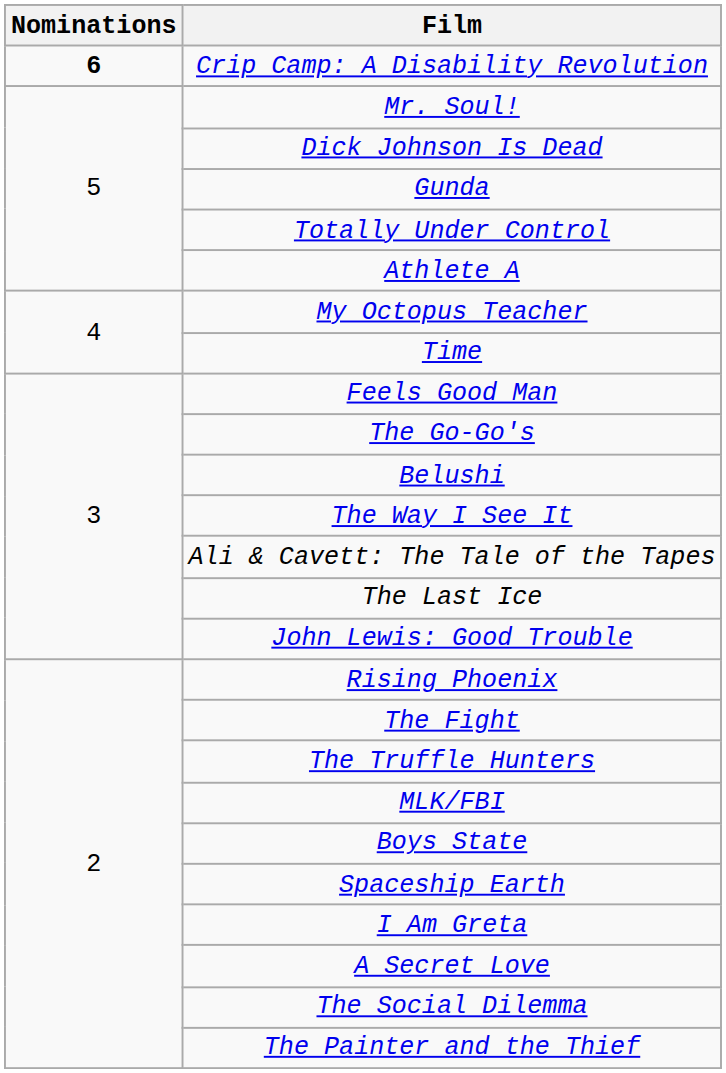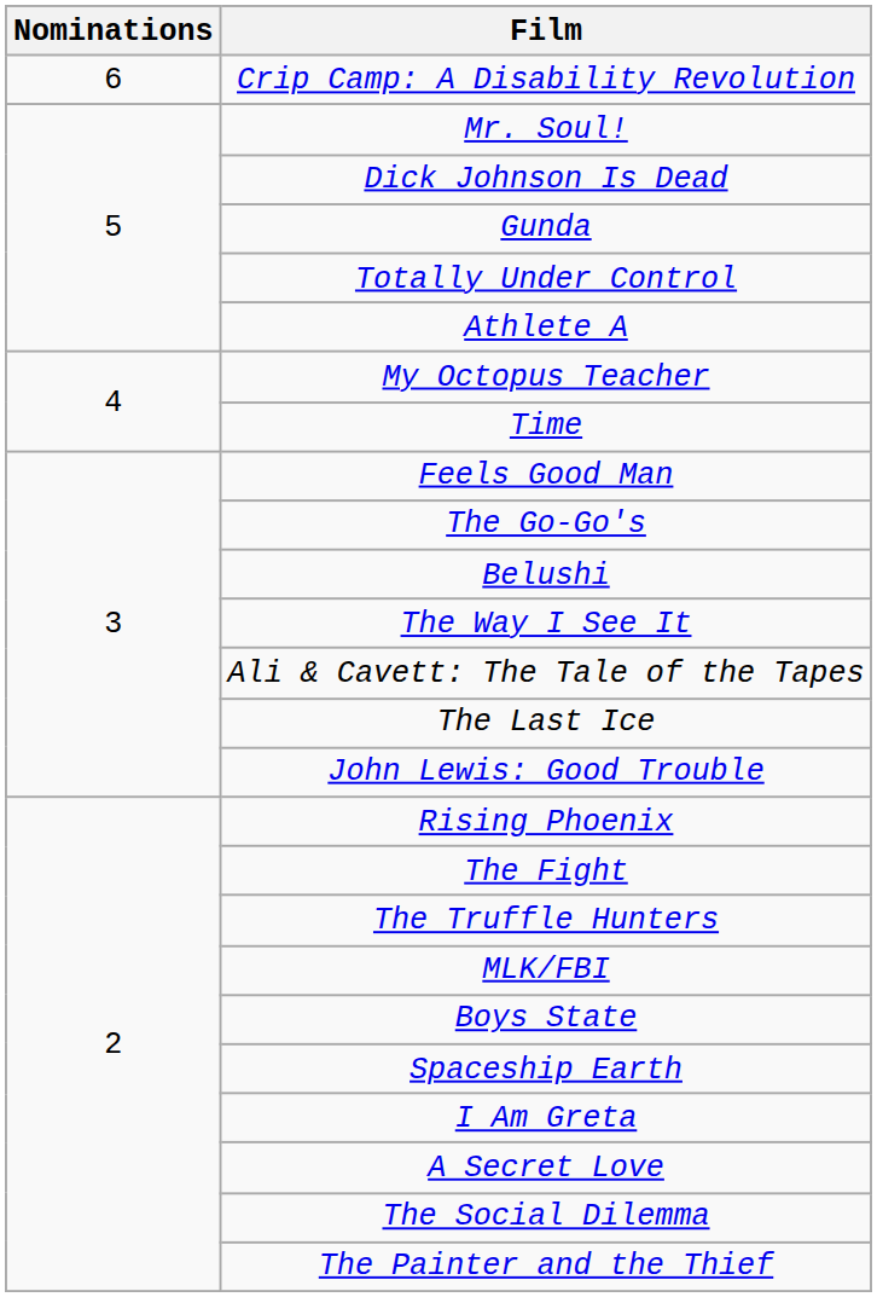 <table class="wikitable" rowspan="2" style="text-align:center;" background: #f6e39c;>
 <tr>
 <th scope="col" style="width:55px;">Nominations</th>
 <th scope="col" style="text-align:center;">Film</th>
 </tr>
 <tr>
-<td rowspan=1 style="text-align:center"><strong>6</strong></td>
+<td rowspan=1 style="text-align:center">6</td>
 <td><em><a href='#'>Crip Camp: A Disability Revolution</a></em></td>
 </tr>
 <tr>
 <td rowspan=5 style="text-align:center">5</td>
 <td><em><a href='#'>Mr. Soul!</a></em></td>
 </tr>
 <tr>
 <td><em><a href='#'>Dick Johnson Is Dead</a></em></td>
 </tr>
 <tr>
 <td><em><a href='#'>Gunda</a></em></td>
 </tr>
 <tr>
 <td><em><a href='#'>Totally Under Control</a></em></td>
 </tr>
 <tr>
 <td><em><a href='#'>Athlete A</a></em></td>
 </tr>
 <tr>
 <td rowspan=2 style="text-align:center">4</td>
 <td><em><a href='#'>My Octopus Teacher</a></em></td>
 </tr>
 <tr>
 <td><em><a href='#'>Time</a></em></td>
 </tr>
 <tr>
 <td rowspan=7 style="text-align:center">3</td>
 <td><em><a href='#'>Feels Good Man</a></em></td>
 </tr>
 <tr>
 <td><em><a href='#'>The Go-Go's</a></em></td>
 </tr>
 <tr>
 <td><em><a href='#'>Belushi</a></em></td>
 </tr>
 <tr>
 <td><em><a href='#'>The Way I See It</a></em></td>
 </tr>
 <tr>
 <td><em>Ali & Cavett: The Tale of the Tapes</em></td>
 </tr>
 <tr>
 <td><em>The Last Ice</em></td>
 </tr>
 <tr>
 <td><em><a href='#'>John Lewis: Good Trouble</a></em></td>
 </tr>
 <tr>
 <td rowspan=10 style="text-align:center">2</td>
 <td><em><a href='#'>Rising Phoenix</a></em></td>
 </tr>
 <tr>
 <td><em><a href='#'>The Fight</a></em></td>
 </tr>
 <tr>
 <td><em><a href='#'>The Truffle Hunters</a></em></td>
 </tr>
 <tr>
 <td><em><a href='#'>MLK/FBI</a></em></td>
 </tr>
 <tr>
 <td><em><a href='#'>Boys State</a></em></td>
 </tr>
 <tr>
 <td><em><a href='#'>Spaceship Earth</a></em></td>
 </tr>
 <tr>
 <td><em><a href='#'>I Am Greta</a></em></td>
 </tr>
 <tr>
 <td><em><a href='#'>A Secret Love</a></em></td>
 </tr>
 <tr>
 <td><em><a href='#'>The Social Dilemma</a></em></td>
 </tr>
 <tr>
 <td><em><a href='#'>The Painter and the Thief</a></em></td>
 </tr>
 <tr>
 </tr>
 </table>
